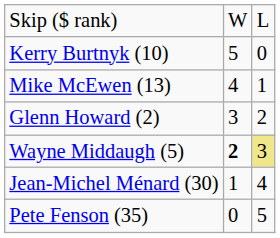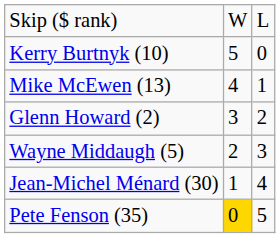 <table class="wikitable" border="1">
 <tr>
 <td>Skip ($ rank)</td>
 <td>W</td>
 <td>L</td>
 </tr>
 <tr>
 <td> <a href='#'>Kerry Burtnyk</a> (10)</td>
 <td>5</td>
 <td>0</td>
 </tr>
 <tr>
 <td> <a href='#'>Mike McEwen</a> (13)</td>
 <td>4</td>
 <td>1</td>
 </tr>
 <tr>
 <td> <a href='#'>Glenn Howard</a> (2)</td>
 <td>3</td>
 <td>2</td>
 </tr>
 <tr>
 <td> <a href='#'>Wayne Middaugh</a> (5)</td>
-<td><strong>2</strong></td>
-<td style="background: khaki;">3</td>
+<td>2</td>
+<td>3</td>
 </tr>
 <tr>
 <td> <a href='#'>Jean-Michel Ménard</a> (30)</td>
 <td>1</td>
 <td>4</td>
 </tr>
 <tr>
 <td> <a href='#'>Pete Fenson</a> (35)</td>
-<td>0</td>
+<td style="background: gold;">0</td>
 <td>5</td>
 </tr>
 </table>
